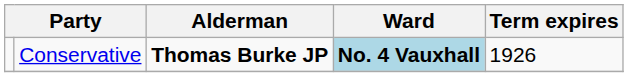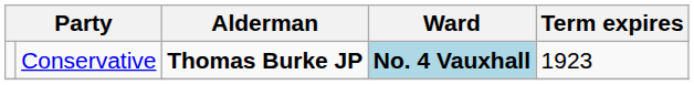 <table class="wikitable">
 <tr>
 <th colspan="2">Party</th>
 <th>Alderman</th>
 <th>Ward</th>
 <th>Term expires</th>
 </tr>
 <tr>
 <td style="background-color:"></td>
 <td><a href='#'>Conservative</a></td>
 <td><strong>Thomas Burke JP</strong></td>
 <td style="background: lightblue;"><strong>No. 4 Vauxhall</strong></td>
-<td>1926</td>
+<td>1923</td>
 </tr>
 <tr>
 </tr>
 </table>
